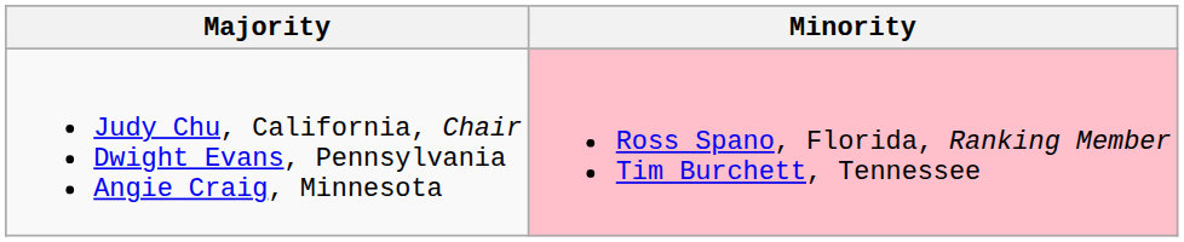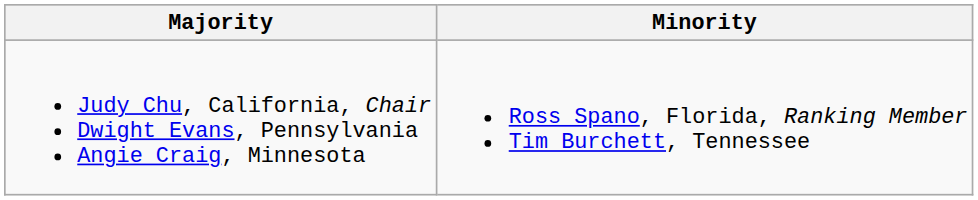 <table class=wikitable>
 <tr>
 <th>Majority</th>
 <th>Minority</th>
 </tr>
 <tr>
 <td><br><ul><li><a href='#'>Judy Chu</a>, California, <em>Chair</em></li><li><a href='#'>Dwight Evans</a>, Pennsylvania</li><li><a href='#'>Angie Craig</a>, Minnesota</li></ul></td>
-<td style="background: pink;"><br><ul><li><a href='#'>Ross Spano</a>, Florida, <em>Ranking Member</em></li><li><a href='#'>Tim Burchett</a>, Tennessee</li></ul></td>
+<td><br><ul><li><a href='#'>Ross Spano</a>, Florida, <em>Ranking Member</em></li><li><a href='#'>Tim Burchett</a>, Tennessee</li></ul></td>
 </tr>
 </table>
